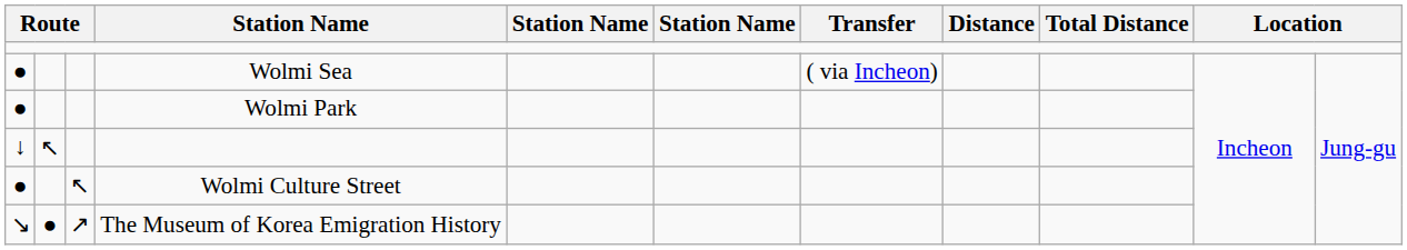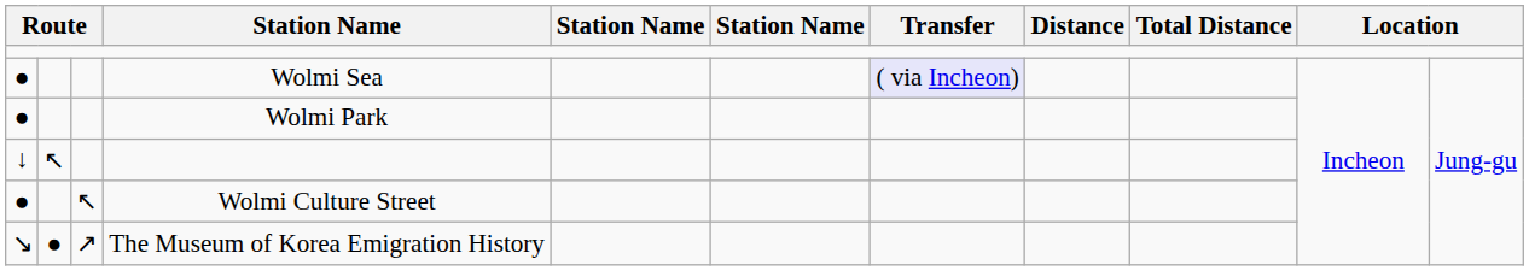 <table class="wikitable" style = "text-align:center">
 <tr>
 <th colspan="3">Route</th>
 <th>Station Name <br></th>
 <th>Station Name <br></th>
 <th>Station Name <br></th>
 <th>Transfer</th>
 <th>Distance <br></th>
 <th>Total Distance</th>
 <th colspan="2">Location</th>
 </tr>
 <tr style="background:">
 <td colspan="11"></td>
 </tr>
 <tr>
 <td>●</td>
 <td></td>
 <td></td>
 <td>Wolmi Sea</td>
 <td></td>
 <td></td>
-<td>(  via <a href='#'>Incheon</a>)</td>
+<td style="background: lavender;">(  via <a href='#'>Incheon</a>)</td>
 <td></td>
 <td></td>
 <td rowspan="5" width="75"><a href='#'>Incheon</a></td>
 <td rowspan="5"><a href='#'>Jung-gu</a></td>
 </tr>
 <tr>
 <td>●</td>
 <td></td>
 <td></td>
 <td>Wolmi Park</td>
 <td></td>
 <td></td>
 <td></td>
 <td></td>
 <td></td>
 </tr>
 <tr>
 <td>↓</td>
 <td>↖</td>
 <td></td>
 <td></td>
 <td></td>
 <td></td>
 <td></td>
 <td></td>
 <td></td>
 </tr>
 <tr>
 <td>●</td>
 <td></td>
 <td>↖</td>
 <td>Wolmi Culture Street</td>
 <td></td>
 <td></td>
 <td></td>
 <td></td>
 <td></td>
 </tr>
 <tr>
 <td>↘</td>
 <td>●</td>
 <td>↗</td>
 <td>The Museum of Korea Emigration History</td>
 <td></td>
 <td></td>
 <td></td>
 <td></td>
 <td></td>
 </tr>
 </table>
